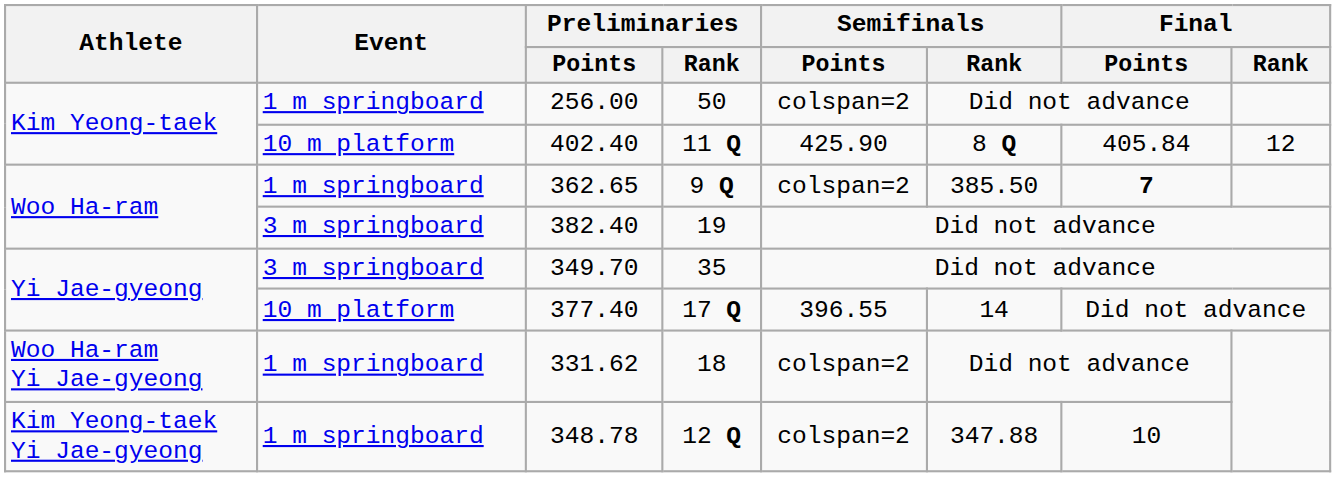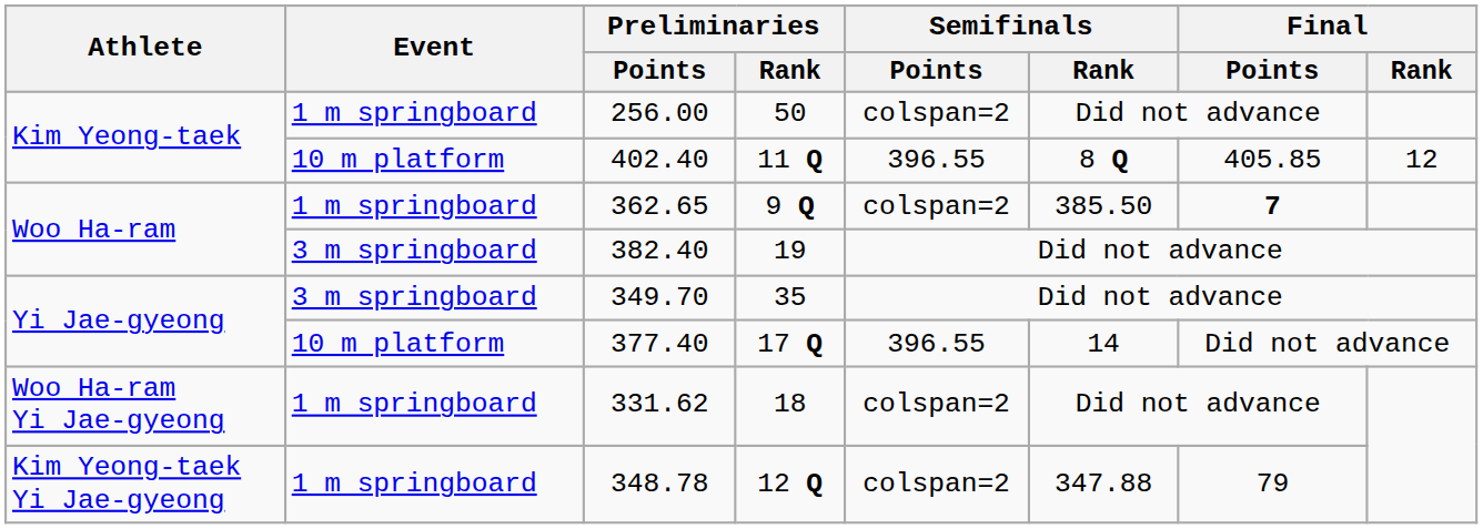 <table class="wikitable" style="text-align:center; font-size:90%; width:50%;">
 <tr>
 <th rowspan=2>Athlete</th>
 <th rowspan=2>Event</th>
 <th colspan=2>Preliminaries</th>
 <th colspan=2>Semifinals</th>
 <th colspan=2>Final</th>
 </tr>
 <tr style="font-size:95%">
 <th>Points</th>
 <th>Rank</th>
 <th>Points</th>
 <th>Rank</th>
 <th>Points</th>
 <th>Rank</th>
 </tr>
 <tr>
 <td align=left rowspan=2><a href='#'>Kim Yeong-taek</a></td>
 <td align=left><a href='#'>1 m springboard</a></td>
 <td>256.00</td>
 <td>50</td>
 <td>colspan=2 </td>
 <td colspan=2>Did not advance</td>
 </tr>
 <tr>
 <td align=left><a href='#'>10 m platform</a></td>
 <td>402.40</td>
 <td>11 <strong>Q</strong></td>
-<td>425.90</td>
+<td>396.55</td>
 <td>8 <strong>Q</strong></td>
-<td>405.84</td>
+<td>405.85</td>
 <td>12</td>
 </tr>
 <tr>
 <td align=left rowspan=2><a href='#'>Woo Ha-ram</a></td>
 <td align=left><a href='#'>1 m springboard</a></td>
 <td>362.65</td>
 <td>9 <strong>Q</strong></td>
 <td>colspan=2 </td>
 <td>385.50</td>
 <td><strong>7</strong></td>
 </tr>
 <tr>
 <td align=left><a href='#'>3 m springboard</a></td>
 <td>382.40</td>
 <td>19</td>
 <td colspan=4>Did not advance</td>
 </tr>
 <tr>
 <td align=left rowspan=2><a href='#'>Yi Jae-gyeong</a></td>
 <td align=left><a href='#'>3 m springboard</a></td>
 <td>349.70</td>
 <td>35</td>
 <td colspan=4>Did not advance</td>
 </tr>
 <tr>
 <td align=left><a href='#'>10 m platform</a></td>
 <td>377.40</td>
 <td>17 <strong>Q</strong></td>
 <td>396.55</td>
 <td>14</td>
 <td colspan=2>Did not advance</td>
 </tr>
 <tr>
 <td align=left><a href='#'>Woo Ha-ram</a><br> <a href='#'>Yi Jae-gyeong</a></td>
 <td align=left><a href='#'>1 m springboard</a></td>
 <td>331.62</td>
 <td>18</td>
 <td>colspan=2 </td>
 <td colspan=2>Did not advance</td>
 </tr>
 <tr>
 <td align=left><a href='#'>Kim Yeong-taek</a><br> <a href='#'>Yi Jae-gyeong</a></td>
 <td align=left><a href='#'>1 m springboard</a></td>
 <td>348.78</td>
 <td>12 <strong>Q</strong></td>
 <td>colspan=2 </td>
 <td>347.88</td>
-<td>10</td>
+<td>79</td>
 </tr>
 </table>
